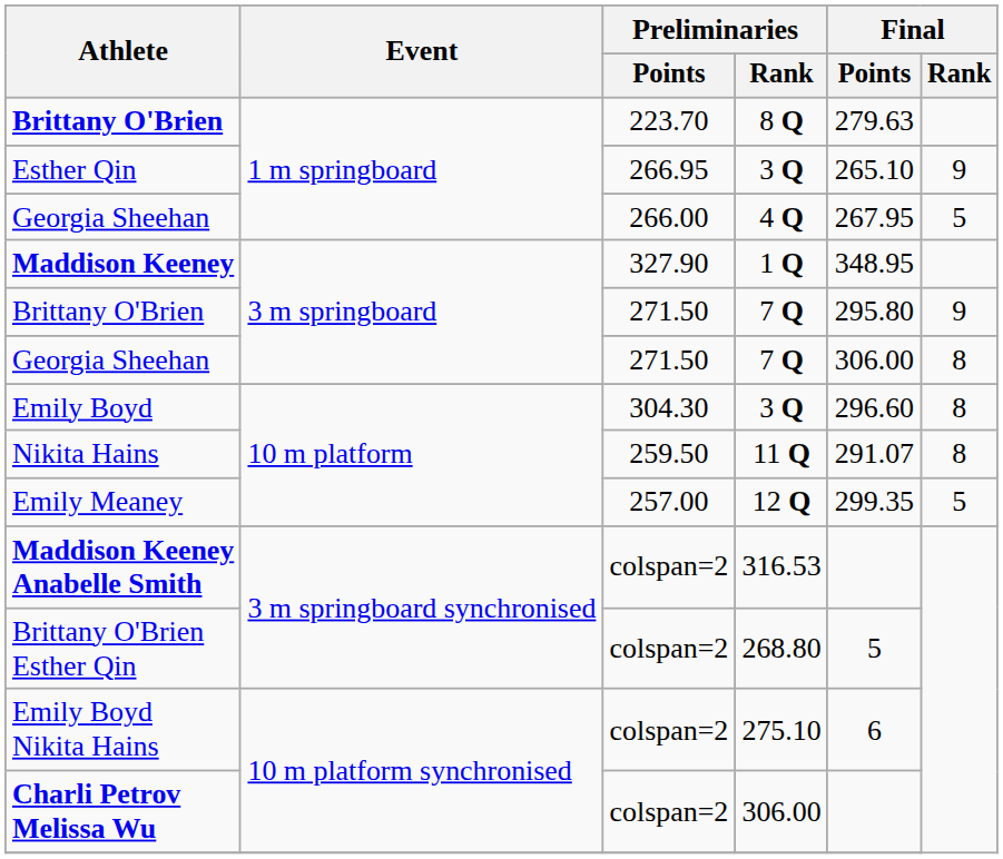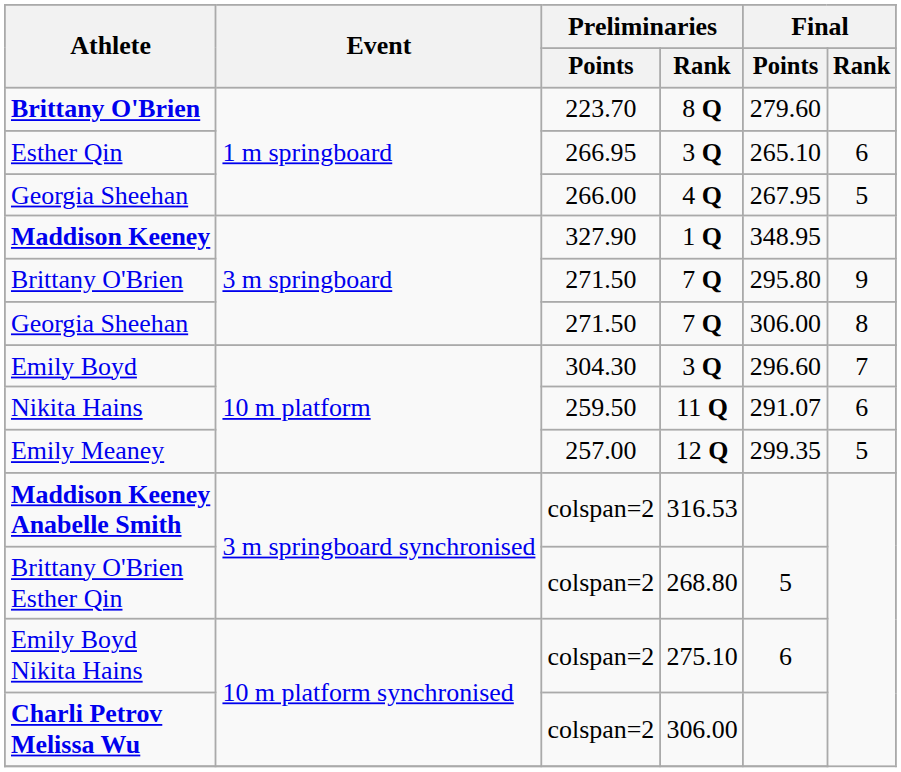 <table class=wikitable style=font-size:90%;text-align:center>
 <tr>
 <th rowspan=2>Athlete</th>
 <th rowspan=2>Event</th>
 <th colspan=2>Preliminaries</th>
 <th colspan=2>Final</th>
 </tr>
 <tr style=font-size:95%>
 <th>Points</th>
 <th>Rank</th>
 <th>Points</th>
 <th>Rank</th>
 </tr>
 <tr>
 <td align=left><strong><a href='#'>Brittany O'Brien</a></strong></td>
 <td align=left rowspan=3><a href='#'>1 m springboard</a></td>
 <td>223.70</td>
 <td>8 <strong>Q</strong></td>
-<td>279.63</td>
+<td>279.60</td>
 <td></td>
 </tr>
 <tr>
 <td align=left><a href='#'>Esther Qin</a></td>
 <td>266.95</td>
 <td>3 <strong>Q</strong></td>
 <td>265.10</td>
-<td>9</td>
+<td>6</td>
 </tr>
 <tr>
 <td align=left><a href='#'>Georgia Sheehan</a></td>
 <td>266.00</td>
 <td>4 <strong>Q</strong></td>
 <td>267.95</td>
 <td>5</td>
 </tr>
 <tr>
 <td align=left><strong><a href='#'>Maddison Keeney</a></strong></td>
 <td align=left rowspan=3><a href='#'>3 m springboard</a></td>
 <td>327.90</td>
 <td>1 <strong>Q</strong></td>
 <td>348.95</td>
 <td></td>
 </tr>
 <tr>
 <td align=left><a href='#'>Brittany O'Brien</a></td>
 <td>271.50</td>
 <td>7 <strong>Q</strong></td>
 <td>295.80</td>
 <td>9</td>
 </tr>
 <tr>
 <td align=left><a href='#'>Georgia Sheehan</a></td>
 <td>271.50</td>
 <td>7 <strong>Q</strong></td>
 <td>306.00</td>
 <td>8</td>
 </tr>
 <tr>
 <td align=left><a href='#'>Emily Boyd</a></td>
 <td align=left rowspan=3><a href='#'>10 m platform</a></td>
 <td>304.30</td>
 <td>3 <strong>Q</strong></td>
 <td>296.60</td>
-<td>8</td>
+<td>7</td>
 </tr>
 <tr>
 <td align=left><a href='#'>Nikita Hains</a></td>
 <td>259.50</td>
 <td>11 <strong>Q</strong></td>
 <td>291.07</td>
-<td>8</td>
+<td>6</td>
 </tr>
 <tr>
 <td align=left><a href='#'>Emily Meaney</a></td>
 <td>257.00</td>
 <td>12 <strong>Q</strong></td>
 <td>299.35</td>
 <td>5</td>
 </tr>
 <tr>
 <td align=left><strong><a href='#'>Maddison Keeney</a> <br> <a href='#'>Anabelle Smith</a></strong></td>
 <td align=left rowspan=2><a href='#'>3 m springboard synchronised</a></td>
 <td>colspan=2 </td>
 <td>316.53</td>
 <td></td>
 </tr>
 <tr>
 <td align=left><a href='#'>Brittany O'Brien</a> <br> <a href='#'>Esther Qin</a></td>
 <td>colspan=2 </td>
 <td>268.80</td>
 <td>5</td>
 </tr>
 <tr>
 <td align=left><a href='#'>Emily Boyd</a> <br> <a href='#'>Nikita Hains</a></td>
 <td align=left rowspan=2><a href='#'>10 m platform synchronised</a></td>
 <td>colspan=2 </td>
 <td>275.10</td>
 <td>6</td>
 </tr>
 <tr>
 <td align=left><strong><a href='#'>Charli Petrov</a> <br> <a href='#'>Melissa Wu</a></strong></td>
 <td>colspan=2 </td>
 <td>306.00</td>
 <td></td>
 </tr>
 <tr>
 </tr>
 </table>
